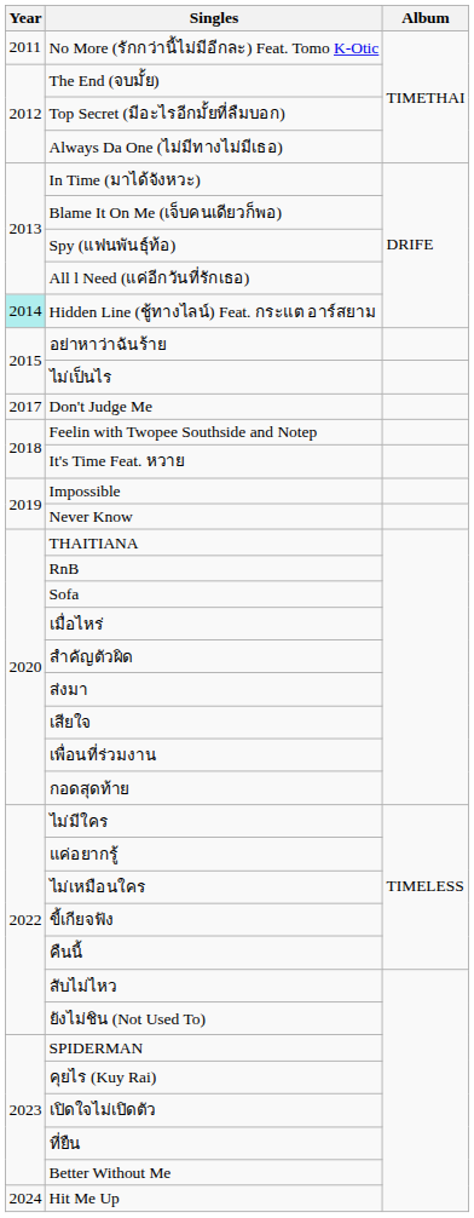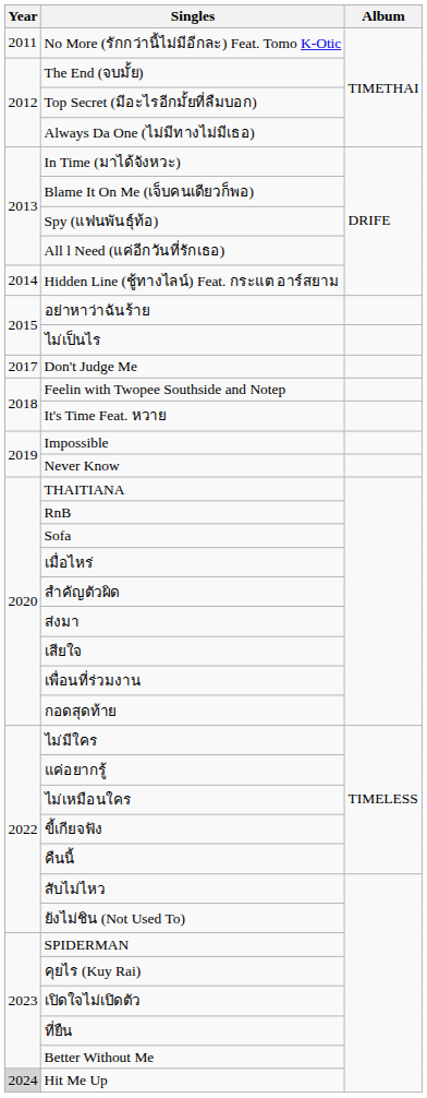 <table class="wikitable">
 <tr>
 <th>Year</th>
 <th>Singles</th>
 <th>Album</th>
 </tr>
 <tr>
 <td rowspan = "1">2011</td>
 <td>No More (รักกว่านี้ไม่มีอีกละ) Feat. Tomo <a href='#'>K-Otic</a></td>
 <td rowspan = "4">TIMETHAI</td>
 </tr>
 <tr>
 <td rowspan = "3">2012</td>
 <td>The End (จบมั้ย)</td>
 </tr>
 <tr>
 <td>Top Secret (มีอะไรอีกมั้ยที่ลืมบอก)</td>
 </tr>
 <tr>
 <td>Always Da One (ไม่มีทางไม่มีเธอ)</td>
 </tr>
 <tr>
 <td rowspan = "4">2013</td>
 <td>In Time (มาได้จังหวะ)</td>
 <td rowspan = "5">DRIFE</td>
 </tr>
 <tr>
 <td>Blame It On Me (เจ็บคนเดียวก็พอ)</td>
 </tr>
 <tr>
 <td>Spy (แฟนพันธุ์ท้อ)</td>
 </tr>
 <tr>
 <td>All l Need (แค่อีกวันที่รักเธอ)</td>
 </tr>
 <tr>
-<td rowspan = "1" style="background: paleturquoise;">2014</td>
+<td rowspan = "1">2014</td>
 <td>Hidden Line (ชู้ทางไลน์) Feat. กระแต อาร์สยาม</td>
 </tr>
 <tr>
 <td rowspan="2">2015</td>
 <td>อย่าหาว่าฉันร้าย</td>
 <td></td>
 </tr>
 <tr>
 <td>ไม่เป็นไร</td>
 <td></td>
 </tr>
 <tr>
 <td rowspan = "1">2017</td>
 <td>Don't Judge Me</td>
 </tr>
 <tr>
 <td rowspan = "2">2018</td>
 <td>Feelin with Twopee Southside and Notep</td>
 <td></td>
 </tr>
 <tr>
 <td>It's Time Feat. หวาย</td>
 </tr>
 <tr>
 <td rowspan = "2">2019</td>
 <td>Impossible</td>
 <td></td>
 </tr>
 <tr>
 <td>Never Know</td>
 <td></td>
 </tr>
 <tr HipHop>
 <td rowspan="9">2020</td>
 <td>THAITIANA</td>
 </tr>
 <tr>
 <td>RnB</td>
 </tr>
 <tr>
 <td>Sofa</td>
 </tr>
 <tr>
 <td>เมื่อไหร่</td>
 </tr>
 <tr>
 <td>สำคัญตัวผิด</td>
 </tr>
 <tr>
 <td>ส่งมา</td>
 </tr>
 <tr>
 <td>เสียใจ</td>
 </tr>
 <tr>
 <td>เพื่อนที่ร่วมงาน</td>
 </tr>
 <tr>
 <td>กอดสุดท้าย</td>
 </tr>
 <tr>
 <td rowspan="7">2022</td>
 <td>ไม่มีใคร</td>
 <td rowspan="5">TIMELESS</td>
 </tr>
 <tr>
 <td>แค่อยากรู้</td>
 </tr>
 <tr>
 <td>ไม่เหมือนใคร</td>
 </tr>
 <tr>
 <td>ขี้เกียจฟัง</td>
 </tr>
 <tr>
 <td>คืนนี้</td>
 </tr>
 <tr>
 <td>สับไม่ไหว</td>
 </tr>
 <tr>
 <td>ยังไม่ชิน (Not Used To)</td>
 </tr>
 <tr>
 <td rowspan="5">2023</td>
 <td>SPIDERMAN</td>
 </tr>
 <tr>
 <td>คุยไร (Kuy Rai)</td>
 </tr>
 <tr>
 <td>เปิดใจไม่เปิดตัว</td>
 </tr>
 <tr>
 <td>ที่ยืน</td>
 </tr>
 <tr>
 <td>Better Without Me</td>
 </tr>
 <tr>
-<td>2024</td>
+<td style="background: lightgrey;">2024</td>
 <td>Hit Me Up</td>
 </tr>
 </table>
